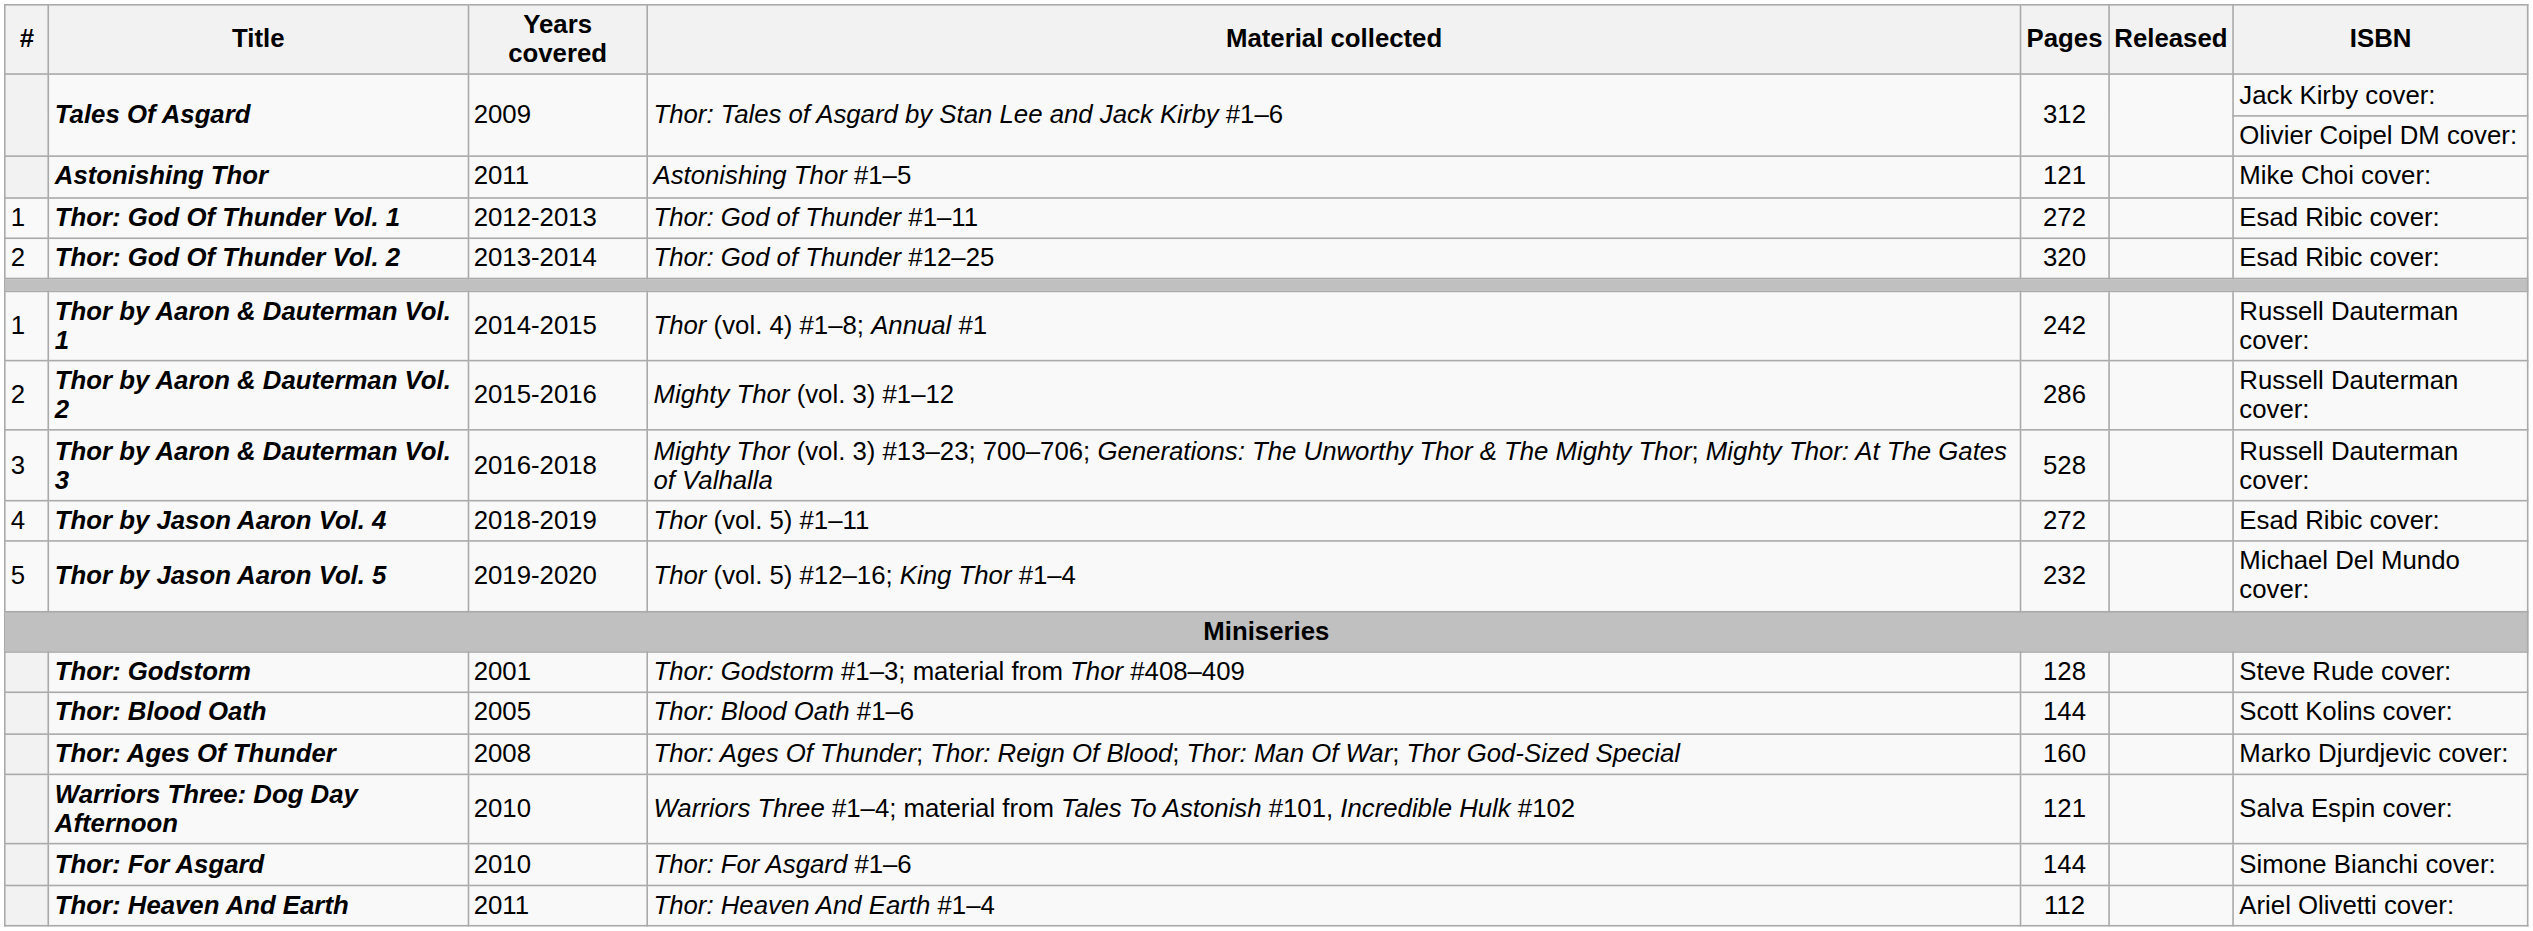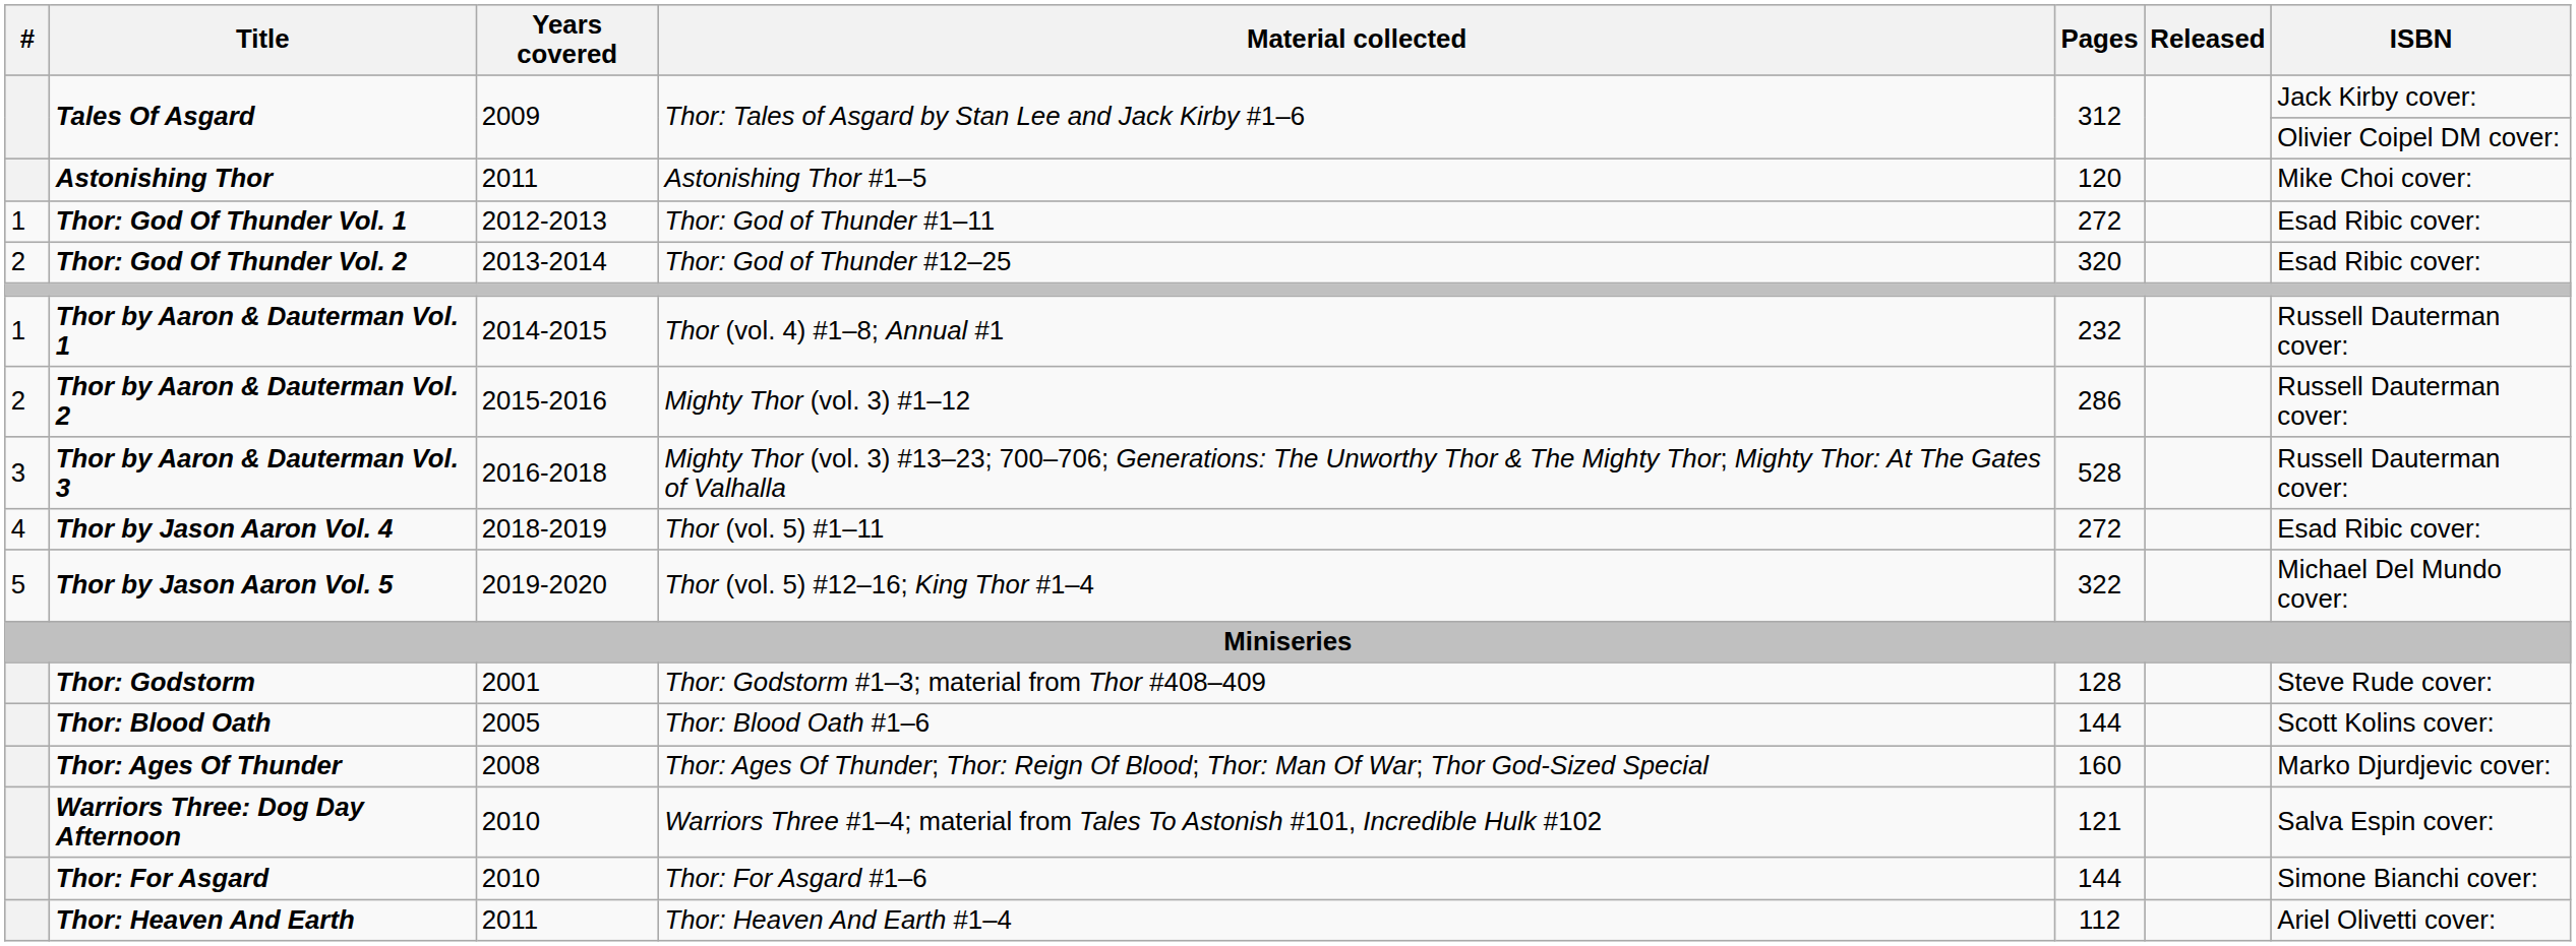 <table class="wikitable sortable" width=99%>
 <tr>
 <th class="unsortable" width=20px>#</th>
 <th>Title</th>
 <th>Years covered</th>
 <th class="unsortable">Material collected</th>
 <th>Pages</th>
 <th>Released</th>
 <th class="unsortable">ISBN</th>
 </tr>
 <tr>
 <th style="background-color: light grey;" rowspan=2></th>
 <td rowspan="2"><strong><em>Tales Of Asgard</em></strong></td>
 <td rowspan="2">2009</td>
 <td rowspan="2"><em>Thor: Tales of Asgard by Stan Lee and Jack Kirby</em> #1–6</td>
 <td rowspan="2" style="text-align: center;">312</td>
 <td rowspan="2"></td>
 <td>Jack Kirby cover: </td>
 </tr>
 <tr>
 <td>Olivier Coipel DM cover: </td>
 </tr>
 <tr>
 <th style="background-color: light grey;"></th>
 <td><strong><em>Astonishing Thor</em></strong></td>
 <td>2011</td>
 <td><em>Astonishing Thor</em> #1–5</td>
-<td style="text-align: center;">121</td>
+<td style="text-align: center;">120</td>
 <td></td>
 <td>Mike Choi cover: </td>
 </tr>
 <tr>
 <td>1</td>
 <td><strong><em>Thor: God Of Thunder Vol. 1</em></strong></td>
 <td>2012-2013</td>
 <td><em>Thor: God of Thunder</em> #1–11</td>
 <td style="text-align: center;">272</td>
 <td></td>
 <td>Esad Ribic cover: </td>
 </tr>
 <tr>
 <td>2</td>
 <td><strong><em>Thor: God Of Thunder Vol. 2</em></strong></td>
 <td>2013-2014</td>
 <td><em>Thor: God of Thunder</em> #12–25</td>
 <td style="text-align: center;">320</td>
 <td></td>
 <td>Esad Ribic cover: </td>
 </tr>
 <tr>
 <th colspan=7 style="background-color: silver;"></th>
 </tr>
 <tr>
 <td>1</td>
 <td><strong><em>Thor by Aaron & Dauterman Vol. 1</em></strong></td>
 <td>2014-2015</td>
 <td><em>Thor</em> (vol. 4) #1–8; <em>Annual</em> #1</td>
-<td style="text-align: center;">242</td>
+<td style="text-align: center;">232</td>
 <td></td>
 <td>Russell Dauterman cover: </td>
 </tr>
 <tr>
 <td>2</td>
 <td><strong><em>Thor by Aaron & Dauterman Vol. 2</em></strong></td>
 <td>2015-2016</td>
 <td><em>Mighty Thor</em> (vol. 3) #1–12</td>
 <td style="text-align: center;">286</td>
 <td></td>
 <td>Russell Dauterman cover: </td>
 </tr>
 <tr>
 <td>3</td>
 <td><strong><em>Thor by Aaron & Dauterman Vol. 3</em></strong></td>
 <td>2016-2018</td>
 <td><em>Mighty Thor</em> (vol. 3) #13–23; 700–706; <em>Generations: The Unworthy Thor & The Mighty Thor</em>; <em>Mighty Thor: At The Gates of Valhalla</em></td>
 <td style="text-align: center;">528</td>
 <td></td>
 <td>Russell Dauterman cover: </td>
 </tr>
 <tr>
 <td>4</td>
 <td><strong><em>Thor by Jason Aaron Vol. 4</em></strong></td>
 <td>2018-2019</td>
 <td><em>Thor</em> (vol. 5) #1–11</td>
 <td style="text-align: center;">272</td>
 <td></td>
 <td>Esad Ribic cover: </td>
 </tr>
 <tr>
 <td>5</td>
 <td><strong><em>Thor by Jason Aaron Vol. 5</em></strong></td>
 <td>2019-2020</td>
 <td><em>Thor</em> (vol. 5) #12–16; <em>King Thor</em> #1–4</td>
-<td style="text-align: center;">232</td>
+<td style="text-align: center;">322</td>
 <td></td>
 <td>Michael Del Mundo cover: </td>
 </tr>
 <tr>
 <th colspan=7 style="background-color: silver;">Miniseries</th>
 </tr>
 <tr>
 <th style="background-color: light grey;"></th>
 <td><strong><em>Thor: Godstorm</em></strong></td>
 <td>2001</td>
 <td><em>Thor: Godstorm</em> #1–3; material from <em>Thor</em> #408–409</td>
 <td style="text-align: center;">128</td>
 <td></td>
 <td>Steve Rude cover: </td>
 </tr>
 <tr>
 <th style="background-color: light grey;"></th>
 <td><strong><em>Thor: Blood Oath</em></strong></td>
 <td>2005</td>
 <td><em>Thor: Blood Oath</em> #1–6</td>
 <td style="text-align: center;">144</td>
 <td></td>
 <td>Scott Kolins cover: </td>
 </tr>
 <tr>
 <th style="background-color: light grey;"></th>
 <td><strong><em>Thor: Ages Of Thunder</em></strong></td>
 <td>2008</td>
 <td><em>Thor: Ages Of Thunder</em>; <em>Thor: Reign Of Blood</em>; <em>Thor: Man Of War</em>; <em>Thor God-Sized Special</em></td>
 <td style="text-align: center;">160</td>
 <td></td>
 <td>Marko Djurdjevic cover: </td>
 </tr>
 <tr>
 <th style="background-color: light grey;"></th>
 <td><strong><em>Warriors Three: Dog Day Afternoon</em></strong></td>
 <td>2010</td>
 <td><em>Warriors Three</em> #1–4; material from <em>Tales To Astonish</em> #101, <em>Incredible Hulk</em> #102</td>
 <td style="text-align: center;">121</td>
 <td></td>
 <td>Salva Espin cover: </td>
 </tr>
 <tr>
 <th style="background-color: light grey;"></th>
 <td><strong><em>Thor: For Asgard</em></strong></td>
 <td>2010</td>
 <td><em>Thor: For Asgard</em> #1–6</td>
 <td style="text-align: center;">144</td>
 <td></td>
 <td>Simone Bianchi cover: </td>
 </tr>
 <tr>
 <th style="background-color: light grey;"></th>
 <td><strong><em>Thor: Heaven And Earth</em></strong></td>
 <td>2011</td>
 <td><em>Thor: Heaven And Earth</em> #1–4</td>
 <td style="text-align: center;">112</td>
 <td></td>
 <td>Ariel Olivetti cover: </td>
 </tr>
 </table>
